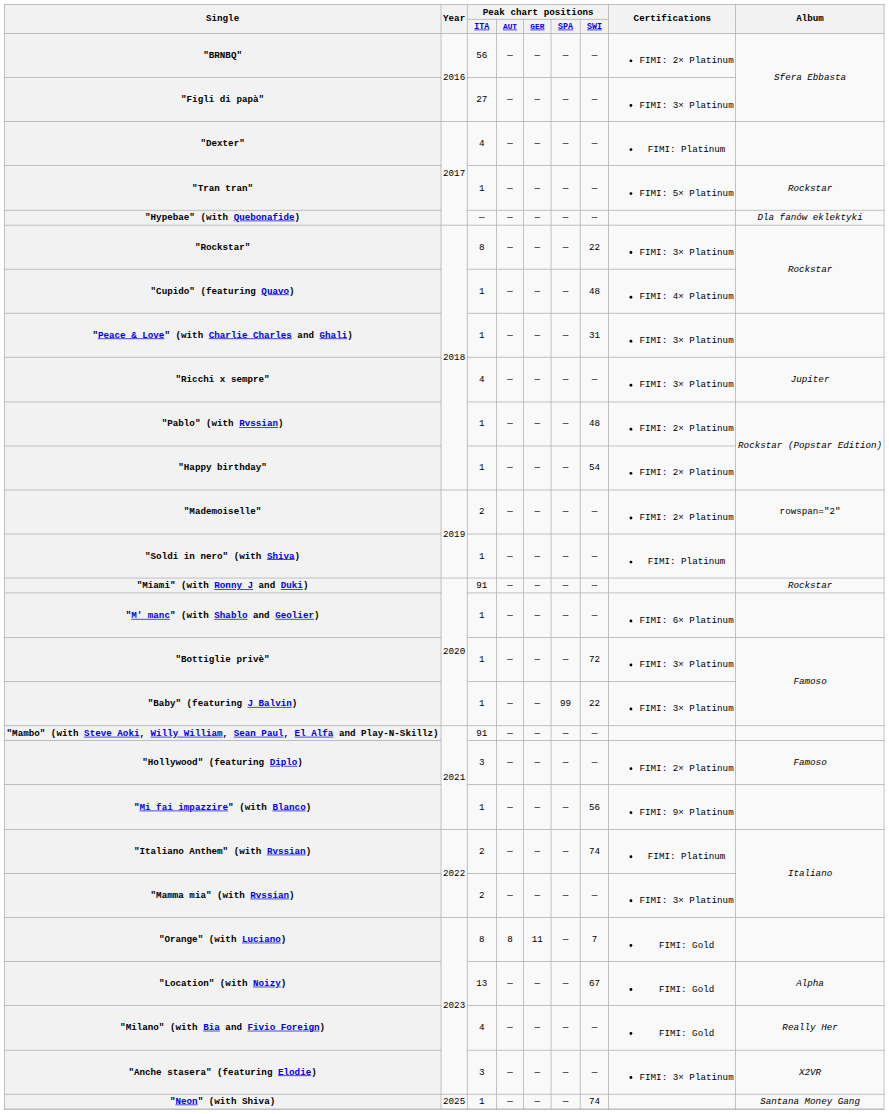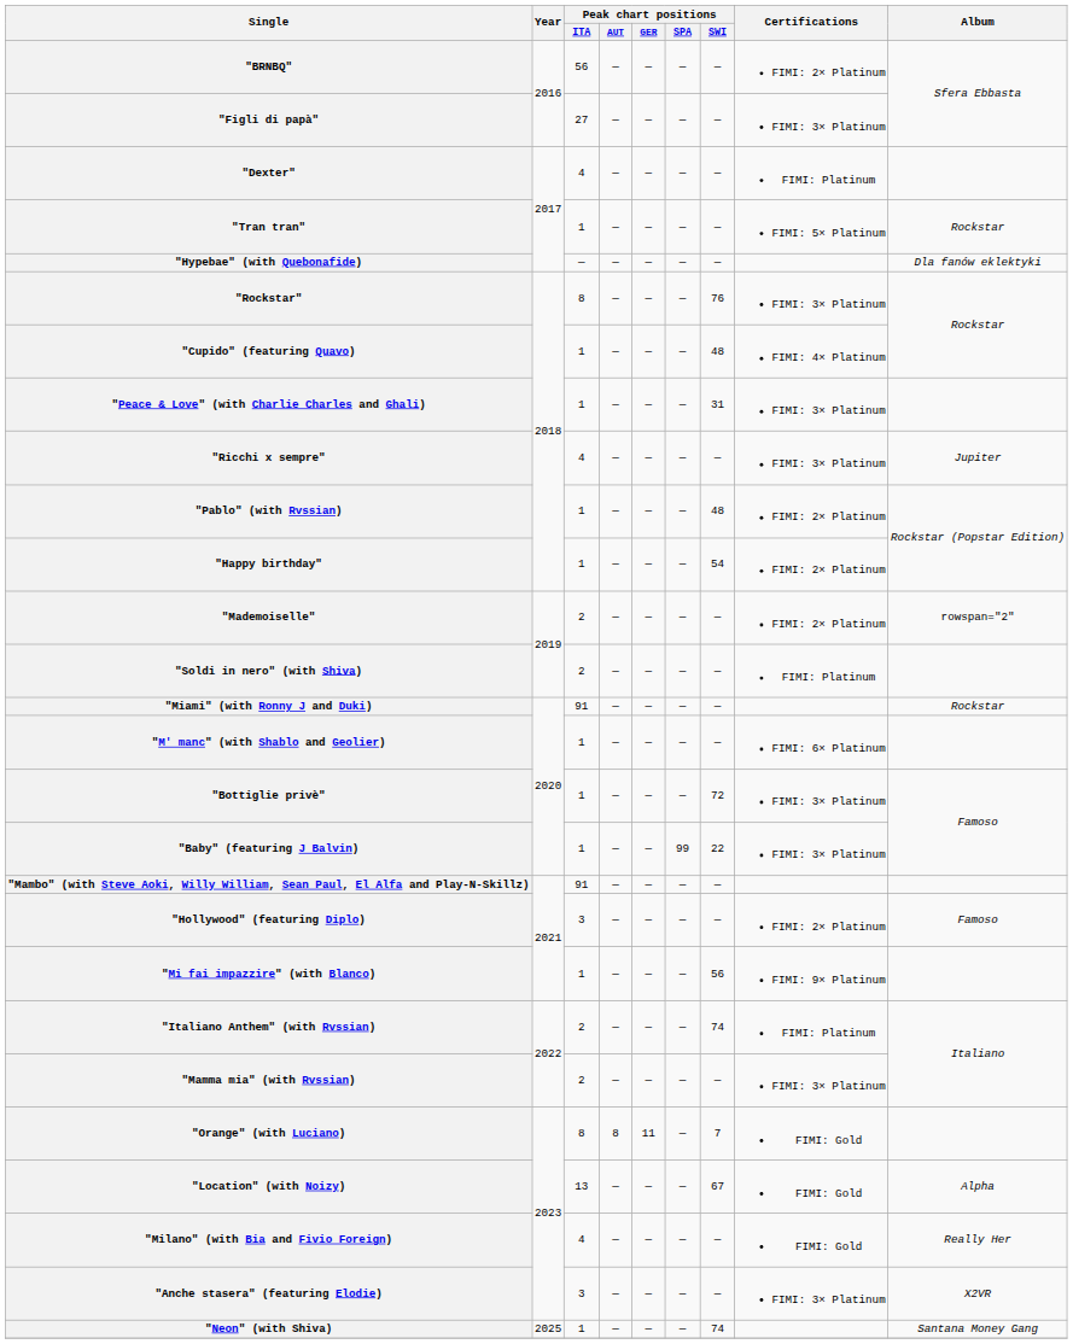 <table class="wikitable plainrowheaders" style="text-align:center;">
 <tr>
 <th scope="col" rowspan="2">Single</th>
 <th scope="col" rowspan="2">Year</th>
 <th scope="col" colspan="5">Peak chart positions</th>
 <th scope="col" rowspan="2">Certifications</th>
 <th scope="col" rowspan="2">Album</th>
 </tr>
 <tr>
 <th scope="col" style="width:3em;font-size:90%;"><a href='#'>ITA</a><br></th>
 <th scope="col" style="width:3em;font-size:85%;"><a href='#'>AUT</a><br></th>
 <th scope="col" style="width:3em;font-size:85%;"><a href='#'>GER</a><br></th>
 <th scope="col" style="width:3em;font-size:90%;"><a href='#'>SPA</a><br></th>
 <th scope="col" style="width:3em;font-size:90%;"><a href='#'>SWI</a><br></th>
 </tr>
 <tr>
 <th scope="row">"BRNBQ"</th>
 <td rowspan="2">2016</td>
 <td>56</td>
 <td>—</td>
 <td>—</td>
 <td>—</td>
 <td>—</td>
 <td><br><ul><li>FIMI: 2× Platinum</li></ul></td>
 <td rowspan="2"><em>Sfera Ebbasta</em></td>
 </tr>
 <tr>
 <th scope="row">"Figli di papà"</th>
 <td>27</td>
 <td>—</td>
 <td>—</td>
 <td>—</td>
 <td>—</td>
 <td><br><ul><li>FIMI: 3× Platinum</li></ul></td>
 </tr>
 <tr>
 <th scope="row">"Dexter"</th>
 <td rowspan="3">2017</td>
 <td>4</td>
 <td>—</td>
 <td>—</td>
 <td>—</td>
 <td>—</td>
 <td><br><ul><li>FIMI: Platinum</li></ul></td>
 <td></td>
 </tr>
 <tr>
 <th scope="row">"Tran tran"</th>
 <td>1</td>
 <td>—</td>
 <td>—</td>
 <td>—</td>
 <td>—</td>
 <td><br><ul><li>FIMI: 5× Platinum</li></ul></td>
 <td><em>Rockstar</em></td>
 </tr>
 <tr>
 <th scope="row">"Hypebae" (with <a href='#'>Quebonafide</a>)</th>
 <td>—</td>
 <td>—</td>
 <td>—</td>
 <td>—</td>
 <td>—</td>
 <td></td>
 <td><em>Dla fanów eklektyki</em></td>
 </tr>
 <tr>
 <th scope="row">"Rockstar"</th>
 <td rowspan="6">2018</td>
 <td>8</td>
 <td>—</td>
 <td>—</td>
 <td>—</td>
-<td>22</td>
+<td>76</td>
 <td><br><ul><li>FIMI: 3× Platinum</li></ul></td>
 <td rowspan="2"><em>Rockstar</em></td>
 </tr>
 <tr>
 <th scope="row">"Cupido" (featuring <a href='#'>Quavo</a>)</th>
 <td>1</td>
 <td>—</td>
 <td>—</td>
 <td>—</td>
 <td>48</td>
 <td><br><ul><li>FIMI: 4× Platinum</li></ul></td>
 </tr>
 <tr>
 <th scope="row">"<a href='#'>Peace & Love</a>" (with <a href='#'>Charlie Charles</a> and <a href='#'>Ghali</a>)</th>
 <td>1</td>
 <td>—</td>
 <td>—</td>
 <td>—</td>
 <td>31</td>
 <td><br><ul><li>FIMI: 3× Platinum</li></ul></td>
 <td></td>
 </tr>
 <tr>
 <th scope="row">"Ricchi x sempre"</th>
 <td>4</td>
 <td>—</td>
 <td>—</td>
 <td>—</td>
 <td>—</td>
 <td><br><ul><li>FIMI: 3× Platinum</li></ul></td>
 <td><em>Jupiter</em></td>
 </tr>
 <tr>
 <th scope="row">"Pablo" (with <a href='#'>Rvssian</a>)</th>
 <td>1</td>
 <td>—</td>
 <td>—</td>
 <td>—</td>
 <td>48</td>
 <td><br><ul><li>FIMI: 2× Platinum</li></ul></td>
 <td rowspan="2"><em>Rockstar (Popstar Edition)</em></td>
 </tr>
 <tr>
 <th scope="row">"Happy birthday"</th>
 <td>1</td>
 <td>—</td>
 <td>—</td>
 <td>—</td>
 <td>54</td>
 <td><br><ul><li>FIMI: 2× Platinum</li></ul></td>
 </tr>
 <tr>
 <th scope="row">"Mademoiselle"</th>
 <td rowspan="2">2019</td>
 <td>2</td>
 <td>—</td>
 <td>—</td>
 <td>—</td>
 <td>—</td>
 <td><br><ul><li>FIMI: 2× Platinum</li></ul></td>
 <td>rowspan="2" </td>
 </tr>
 <tr>
 <th scope="row">"Soldi in nero" (with <a href='#'>Shiva</a>)</th>
-<td>1</td>
+<td>2</td>
 <td>—</td>
 <td>—</td>
 <td>—</td>
 <td>—</td>
 <td><br><ul><li>FIMI: Platinum</li></ul></td>
 </tr>
 <tr>
 <th scope="row">"Miami" (with <a href='#'>Ronny J</a> and <a href='#'>Duki</a>)</th>
 <td rowspan="4">2020</td>
 <td>91</td>
 <td>—</td>
 <td>—</td>
 <td>—</td>
 <td>—</td>
 <td></td>
 <td><em>Rockstar</em></td>
 </tr>
 <tr>
 <th scope="row">"<a href='#'>M' manc</a>" (with <a href='#'>Shablo</a> and <a href='#'>Geolier</a>)</th>
 <td>1</td>
 <td>—</td>
 <td>—</td>
 <td>—</td>
 <td>—</td>
 <td><br><ul><li>FIMI: 6× Platinum</li></ul></td>
 <td></td>
 </tr>
 <tr>
 <th scope="row">"Bottiglie privè"</th>
 <td>1</td>
 <td>—</td>
 <td>—</td>
 <td>—</td>
 <td>72</td>
 <td><br><ul><li>FIMI: 3× Platinum</li></ul></td>
 <td rowspan="2"><em>Famoso</em></td>
 </tr>
 <tr>
 <th scope="row">"Baby" (featuring <a href='#'>J Balvin</a>)</th>
 <td>1</td>
 <td>—</td>
 <td>—</td>
 <td>99</td>
 <td>22</td>
 <td><br><ul><li>FIMI: 3× Platinum</li></ul></td>
 </tr>
 <tr>
 <th scope="row">"Mambo" (with <a href='#'>Steve Aoki</a>, <a href='#'>Willy William</a>, <a href='#'>Sean Paul</a>, <a href='#'>El Alfa</a> and Play-N-Skillz)</th>
 <td rowspan="3">2021</td>
 <td>91</td>
 <td>—</td>
 <td>—</td>
 <td>—</td>
 <td>—</td>
 <td></td>
 <td></td>
 </tr>
 <tr>
 <th scope="row">"Hollywood" (featuring <a href='#'>Diplo</a>)</th>
 <td>3</td>
 <td>—</td>
 <td>—</td>
 <td>—</td>
 <td>—</td>
 <td><br><ul><li>FIMI: 2× Platinum</li></ul></td>
 <td><em>Famoso</em></td>
 </tr>
 <tr>
 <th scope="row">"<a href='#'>Mi fai impazzire</a>" (with <a href='#'>Blanco</a>)</th>
 <td>1</td>
 <td>—</td>
 <td>—</td>
 <td>—</td>
 <td>56</td>
 <td><br><ul><li>FIMI: 9× Platinum</li></ul></td>
 <td></td>
 </tr>
 <tr>
 <th scope="row">"Italiano Anthem" (with <a href='#'>Rvssian</a>)</th>
 <td rowspan="2">2022</td>
 <td>2</td>
 <td>—</td>
 <td>—</td>
 <td>—</td>
 <td>74</td>
 <td><br><ul><li>FIMI: Platinum</li></ul></td>
 <td rowspan="2"><em>Italiano</em></td>
 </tr>
 <tr>
 <th scope="row">"Mamma mia" (with <a href='#'>Rvssian</a>)</th>
 <td>2</td>
 <td>—</td>
 <td>—</td>
 <td>—</td>
 <td>—</td>
 <td><br><ul><li>FIMI: 3× Platinum</li></ul></td>
 </tr>
 <tr>
 <th scope="row">"Orange" (with <a href='#'>Luciano</a>)</th>
 <td rowspan="4">2023</td>
 <td>8</td>
 <td>8</td>
 <td>11</td>
 <td>—</td>
 <td>7</td>
 <td><br><ul><li>FIMI: Gold</li></ul></td>
 <td></td>
 </tr>
 <tr>
 <th scope="row">"Location" (with <a href='#'>Noizy</a>)</th>
 <td>13</td>
 <td>—</td>
 <td>—</td>
 <td>—</td>
 <td>67</td>
 <td><br><ul><li>FIMI: Gold</li></ul></td>
 <td><em>Alpha</em></td>
 </tr>
 <tr>
 <th scope="row">"Milano" (with <a href='#'>Bia</a> and <a href='#'>Fivio Foreign</a>)</th>
 <td>4</td>
 <td>—</td>
 <td>—</td>
 <td>—</td>
 <td>—</td>
 <td><br><ul><li>FIMI: Gold</li></ul></td>
 <td><em>Really Her</em></td>
 </tr>
 <tr>
 <th scope="row">"Anche stasera" (featuring <a href='#'>Elodie</a>)</th>
 <td>3</td>
 <td>—</td>
 <td>—</td>
 <td>—</td>
 <td>—</td>
 <td><br><ul><li>FIMI: 3× Platinum</li></ul></td>
 <td><em>X2VR</em></td>
 </tr>
 <tr>
 <th scope="row">"<a href='#'>Neon</a>" (with Shiva)</th>
 <td>2025</td>
 <td>1</td>
 <td>—</td>
 <td>—</td>
 <td>—</td>
 <td>74</td>
 <td></td>
 <td><em>Santana Money Gang</em></td>
 </tr>
 <tr>
 </tr>
 </table>
